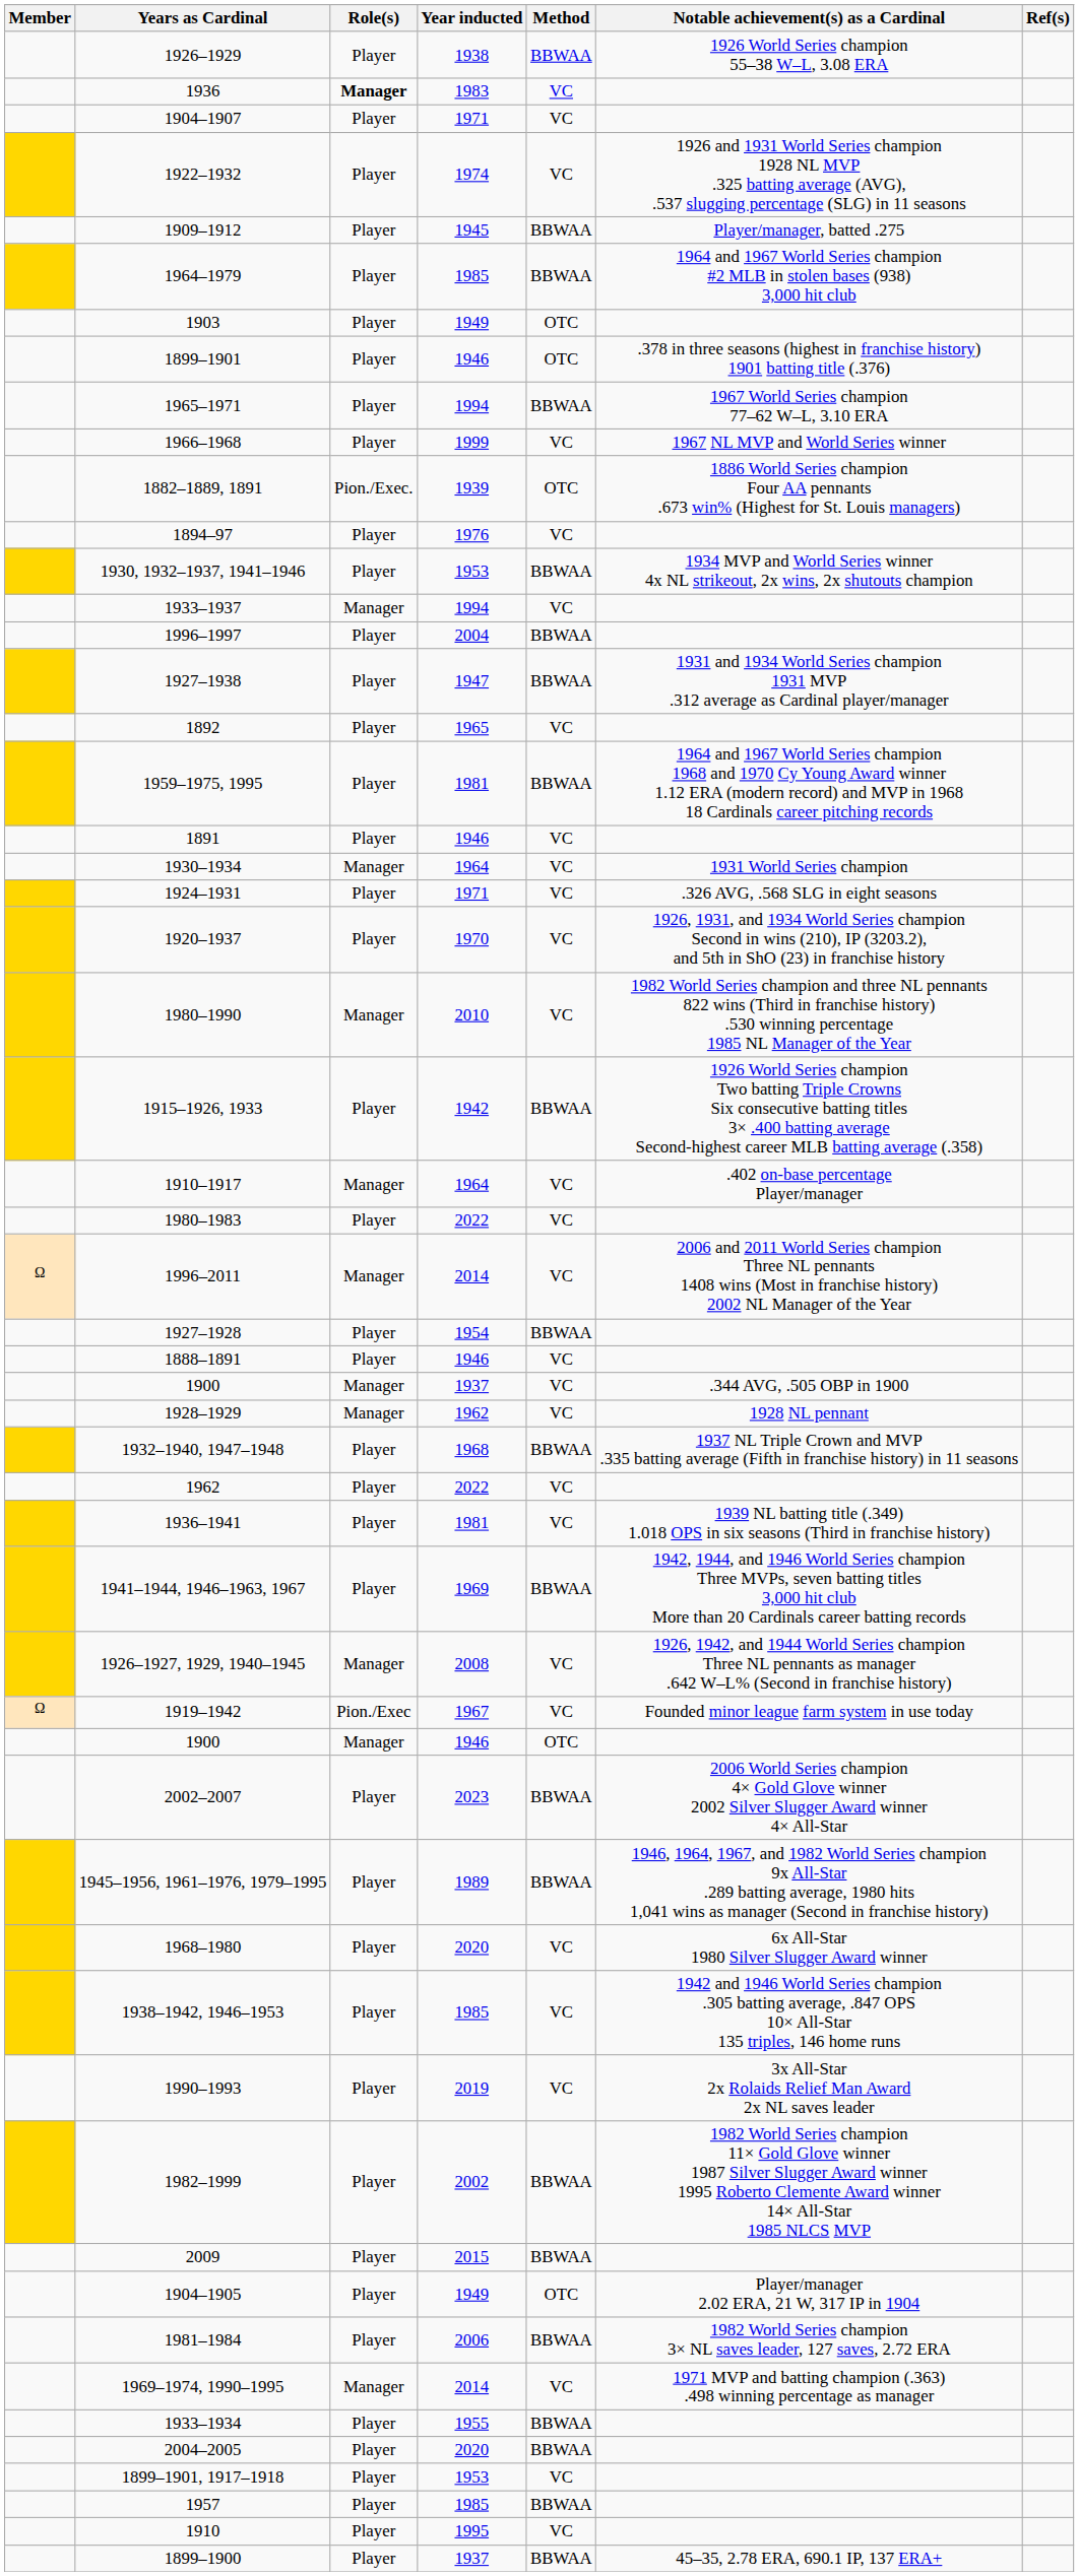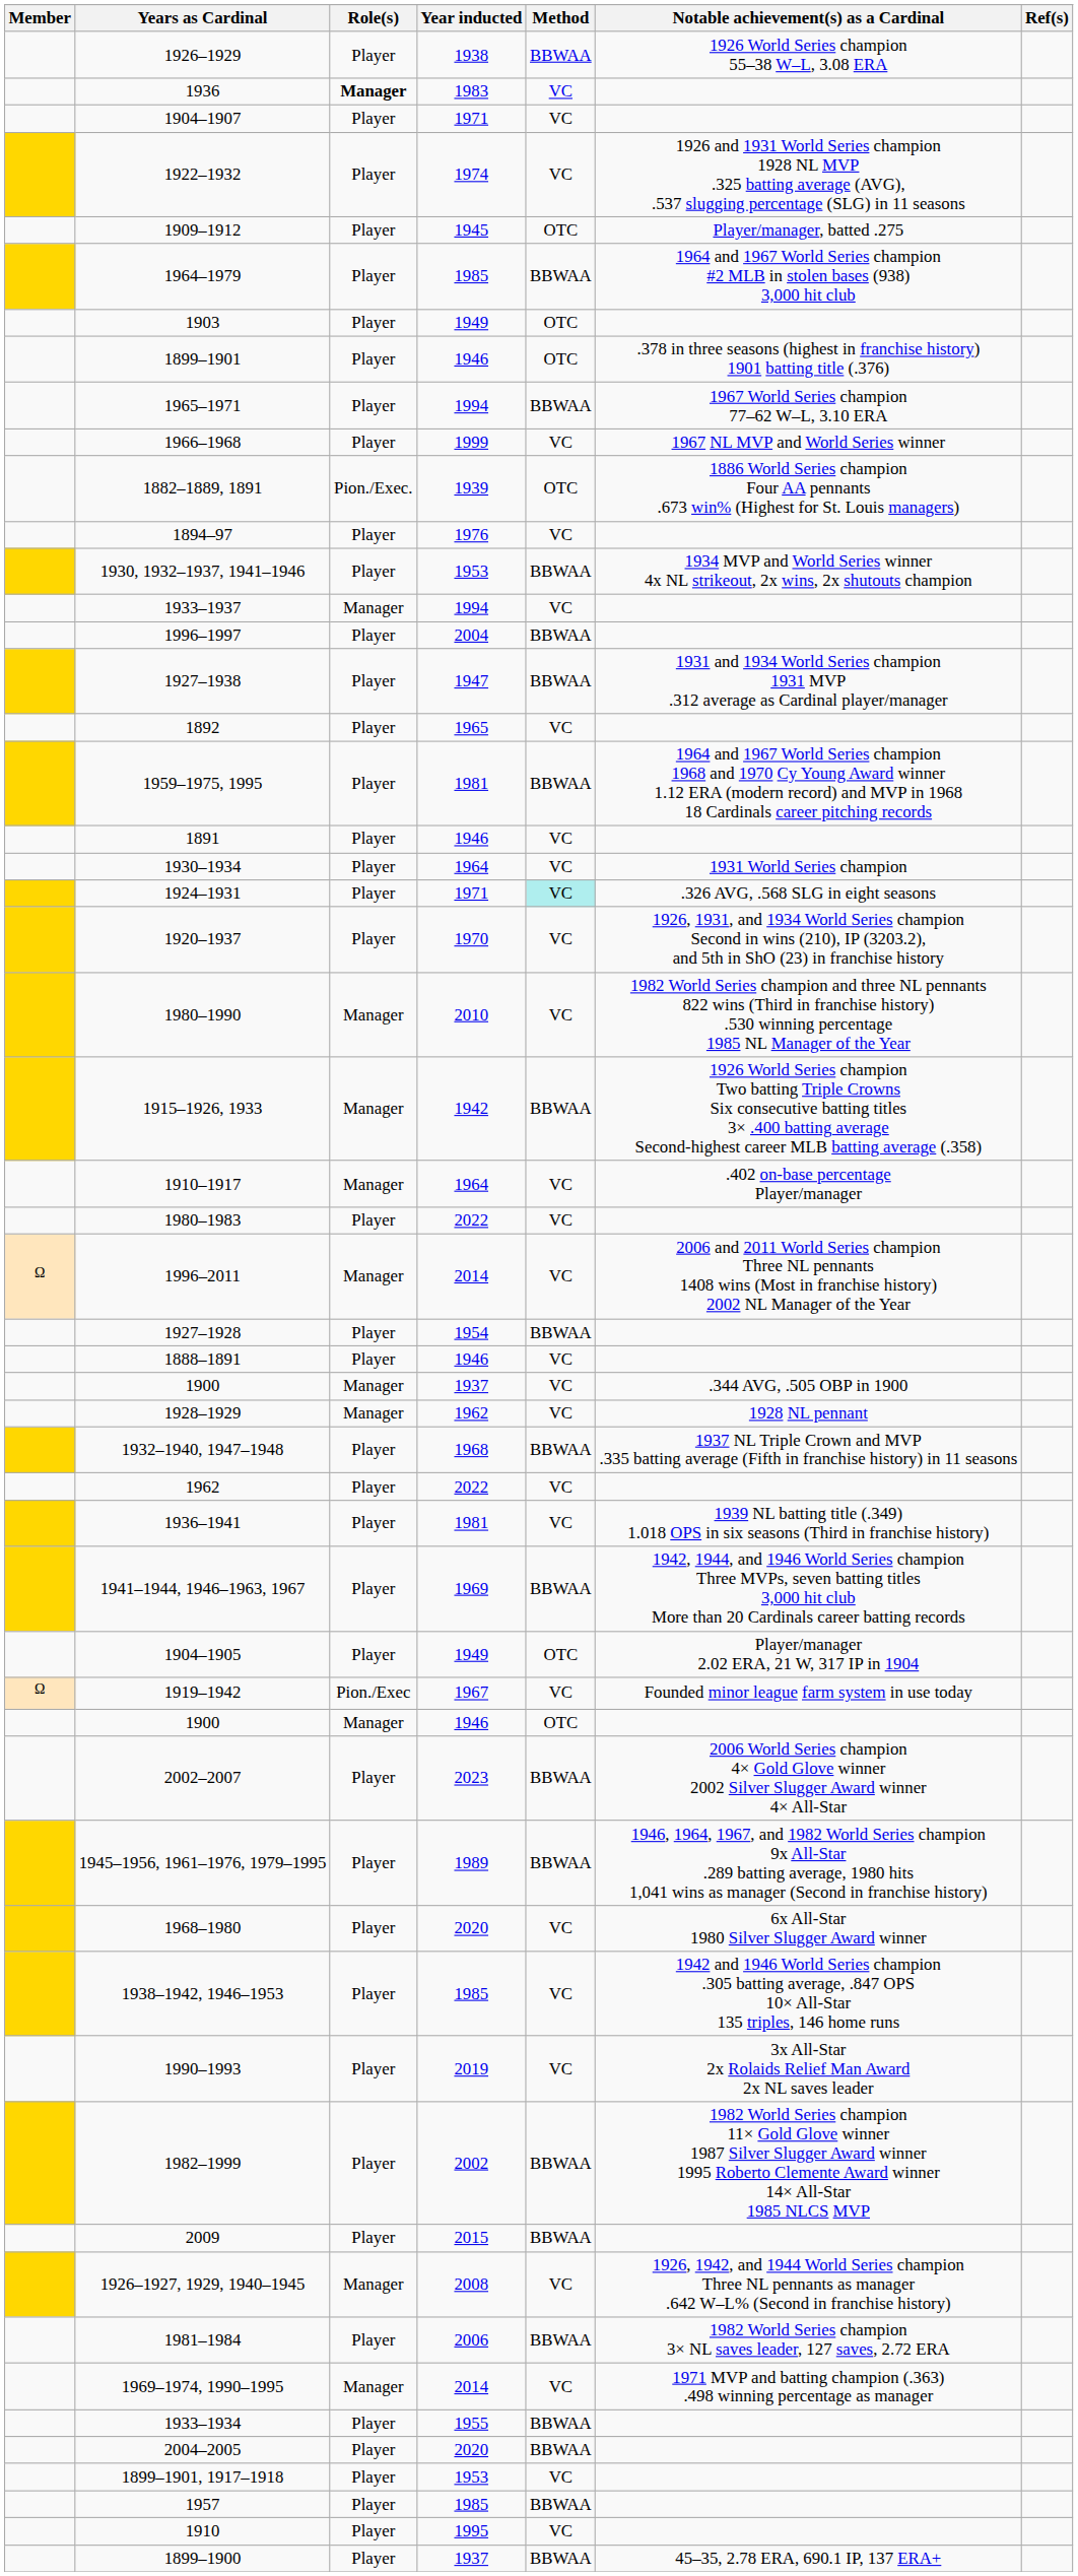 <table class="wikitable sortable" style="text-align:center">
 <tr>
 </tr>
 <tr>
 </tr>
 <tr>
 <th scope="col">Member</th>
 <th scope="col">Years as Cardinal</th>
 <th scope="col">Role(s)</th>
 <th scope="col">Year inducted</th>
 <th scope="col">Method</th>
 <th scope="col">Notable achievement(s) as a Cardinal</th>
 <th scope="col">Ref(s)</th>
 </tr>
 <tr>
 <td align="center"></td>
 <td>1926–1929</td>
 <td>Player</td>
 <td><a href='#'>1938</a></td>
 <td><a href='#'>BBWAA</a></td>
 <td><a href='#'>1926 World Series</a> champion<br> 55–38 <a href='#'>W–L</a>, 3.08 <a href='#'>ERA</a></td>
 <td></td>
 </tr>
 <tr>
 <td align="center"></td>
 <td>1936</td>
 <td><strong>Manager</strong></td>
 <td><a href='#'>1983</a></td>
 <td><a href='#'>VC</a></td>
 <td></td>
 <td></td>
 </tr>
 <tr>
 <td align="center"></td>
 <td>1904–1907</td>
 <td>Player</td>
 <td><a href='#'>1971</a></td>
 <td>VC</td>
 <td></td>
 <td></td>
 </tr>
 <tr>
 <td align="center" style="background:#FFD700;"></td>
 <td>1922–1932</td>
 <td>Player</td>
 <td><a href='#'>1974</a></td>
 <td>VC</td>
 <td>1926 and <a href='#'>1931 World Series</a> champion<br> 1928 NL <a href='#'>MVP</a><br> .325 <a href='#'>batting average</a> (AVG),<br> .537 <a href='#'>slugging percentage</a> (SLG) in 11 seasons</td>
 <td></td>
 </tr>
 <tr>
 <td align="center"></td>
 <td>1909–1912</td>
 <td>Player</td>
 <td><a href='#'>1945</a></td>
-<td>BBWAA</td>
+<td>OTC</td>
 <td><a href='#'>Player/manager</a>, batted .275</td>
 <td></td>
 </tr>
 <tr>
 <td align="center" style="background:#FFD700;"><strong></strong></td>
 <td>1964–1979</td>
 <td>Player</td>
 <td><a href='#'>1985</a></td>
 <td>BBWAA</td>
 <td><a href='#'>1964</a> and <a href='#'>1967 World Series</a> champion<br> <a href='#'>#2 MLB</a> in <a href='#'>stolen bases</a> (938)<br> <a href='#'>3,000 hit club</a></td>
 <td></td>
 </tr>
 <tr>
 <td align="center"></td>
 <td>1903</td>
 <td>Player</td>
 <td><a href='#'>1949</a></td>
 <td>OTC</td>
 <td></td>
 <td></td>
 </tr>
 <tr>
 <td align="center"></td>
 <td>1899–1901</td>
 <td>Player</td>
 <td><a href='#'>1946</a></td>
 <td>OTC</td>
 <td>.378 in three seasons (highest in <a href='#'>franchise history</a>)<br> <a href='#'>1901</a> <a href='#'>batting title</a> (.376)</td>
 <td></td>
 </tr>
 <tr>
 <td align="center"></td>
 <td>1965–1971</td>
 <td>Player</td>
 <td><a href='#'>1994</a></td>
 <td>BBWAA</td>
 <td><a href='#'>1967 World Series</a> champion<br> 77–62 W–L, 3.10 ERA</td>
 <td></td>
 </tr>
 <tr>
 <td align="center"></td>
 <td>1966–1968</td>
 <td>Player</td>
 <td><a href='#'>1999</a></td>
 <td>VC</td>
 <td><a href='#'>1967</a> <a href='#'>NL MVP</a> and <a href='#'>World Series</a> winner</td>
 <td></td>
 </tr>
 <tr>
 <td align="center"></td>
 <td>1882–1889, 1891</td>
 <td>Pion./Exec.</td>
 <td><a href='#'>1939</a></td>
 <td>OTC</td>
 <td><a href='#'>1886 World Series</a> champion<br> Four <a href='#'>AA</a> pennants<br> .673 <a href='#'>win%</a> (Highest for St. Louis <a href='#'>managers</a>)</td>
 <td></td>
 </tr>
 <tr>
 <td align="center"></td>
 <td>1894–97</td>
 <td>Player</td>
 <td><a href='#'>1976</a></td>
 <td>VC</td>
 <td></td>
 <td></td>
 </tr>
 <tr>
 <td align="center" style="background:#FFD700;"><strong></strong></td>
 <td>1930, 1932–1937, 1941–1946</td>
 <td>Player</td>
 <td><a href='#'>1953</a></td>
 <td>BBWAA</td>
 <td><a href='#'>1934</a> MVP and <a href='#'>World Series</a> winner<br> 4x NL <a href='#'>strikeout</a>, 2x <a href='#'>wins</a>, 2x <a href='#'>shutouts</a> champion</td>
 <td></td>
 </tr>
 <tr>
 <td align="center"></td>
 <td>1933–1937</td>
 <td>Manager</td>
 <td><a href='#'>1994</a></td>
 <td>VC</td>
 <td></td>
 <td></td>
 </tr>
 <tr>
 <td align="center"></td>
 <td>1996–1997</td>
 <td>Player</td>
 <td><a href='#'>2004</a></td>
 <td>BBWAA</td>
 <td></td>
 <td></td>
 </tr>
 <tr>
 <td align="center" style="background:#FFD700;"></td>
 <td>1927–1938</td>
 <td>Player</td>
 <td><a href='#'>1947</a></td>
 <td>BBWAA</td>
 <td><a href='#'>1931</a> and <a href='#'>1934 World Series</a> champion<br> <a href='#'>1931</a> MVP<br> .312 average as Cardinal player/manager</td>
 <td></td>
 </tr>
 <tr>
 <td align="center"></td>
 <td>1892</td>
 <td>Player</td>
 <td><a href='#'>1965</a></td>
 <td>VC</td>
 <td></td>
 <td></td>
 </tr>
 <tr>
 <td align="center" style="background:#FFD700;"><strong></strong></td>
 <td>1959–1975, 1995</td>
 <td>Player</td>
 <td><a href='#'>1981</a></td>
 <td>BBWAA</td>
 <td><a href='#'>1964</a> and <a href='#'>1967 World Series</a> champion<br> <a href='#'>1968</a> and <a href='#'>1970</a> <a href='#'>Cy Young Award</a> winner<br> 1.12 ERA (modern record) and MVP in 1968<br> 18 Cardinals <a href='#'>career pitching records</a></td>
 <td></td>
 </tr>
 <tr>
 <td align="center"></td>
 <td>1891</td>
 <td>Player</td>
 <td><a href='#'>1946</a></td>
 <td>VC</td>
 <td></td>
 <td></td>
 </tr>
 <tr>
 <td align="center"></td>
 <td>1930–1934</td>
-<td>Manager</td>
+<td>Player</td>
 <td><a href='#'>1964</a></td>
 <td>VC</td>
 <td><a href='#'>1931 World Series</a> champion</td>
 <td></td>
 </tr>
 <tr>
 <td align="center" style="background:#FFD700;"></td>
 <td>1924–1931</td>
 <td>Player</td>
 <td><a href='#'>1971</a></td>
-<td>VC</td>
+<td style="background: paleturquoise;">VC</td>
 <td>.326 AVG, .568 SLG in eight seasons</td>
 <td></td>
 </tr>
 <tr>
 <td align="center" style="background:#FFD700;"></td>
 <td>1920–1937</td>
 <td>Player</td>
 <td><a href='#'>1970</a></td>
 <td>VC</td>
 <td><a href='#'>1926</a>, <a href='#'>1931</a>, and <a href='#'>1934 World Series</a> champion<br> Second in wins (210), IP (3203.2),<br> and 5th in ShO (23) in franchise history</td>
 <td></td>
 </tr>
 <tr>
 <td align="center" style="background:#FFD700;"><strong></strong></td>
 <td>1980–1990</td>
 <td>Manager</td>
 <td><a href='#'>2010</a></td>
 <td>VC</td>
 <td><a href='#'>1982 World Series</a> champion and three NL pennants<br> 822 wins (Third in franchise history)<br> .530 winning percentage<br> <a href='#'>1985</a> NL <a href='#'>Manager of the Year</a></td>
 <td></td>
 </tr>
 <tr>
 <td align="center" style="background:#FFD700;"></td>
 <td>1915–1926, 1933</td>
-<td>Player</td>
+<td>Manager</td>
 <td><a href='#'>1942</a></td>
 <td>BBWAA</td>
 <td><a href='#'>1926 World Series</a> champion<br> Two batting <a href='#'>Triple Crowns</a><br> Six consecutive batting titles<br> 3× <a href='#'>.400 batting average</a><br> Second-highest career MLB <a href='#'>batting average</a> (.358)</td>
 <td></td>
 </tr>
 <tr>
 <td align="center"></td>
 <td>1910–1917</td>
 <td>Manager</td>
 <td><a href='#'>1964</a></td>
 <td>VC</td>
 <td>.402 <a href='#'>on-base percentage</a><br> Player/manager</td>
 <td></td>
 </tr>
 <tr>
 <td align="center"></td>
 <td>1980–1983</td>
 <td>Player</td>
 <td><a href='#'>2022</a></td>
 <td>VC</td>
 <td></td>
 <td></td>
 </tr>
 <tr>
 <td align="center" style="background-color:#ffe6bd"><sup>Ω</sup></td>
 <td>1996–2011</td>
 <td>Manager</td>
 <td><a href='#'>2014</a></td>
 <td>VC</td>
 <td><a href='#'>2006</a> and <a href='#'>2011 World Series</a> champion<br> Three NL pennants<br> 1408 wins (Most in franchise history)<br> <a href='#'>2002</a> NL Manager of the Year</td>
 <td></td>
 </tr>
 <tr>
 <td align="center"></td>
 <td>1927–1928</td>
 <td>Player</td>
 <td><a href='#'>1954</a></td>
 <td>BBWAA</td>
 <td></td>
 <td></td>
 </tr>
 <tr>
 <td align="center"></td>
 <td>1888–1891</td>
 <td>Player</td>
 <td><a href='#'>1946</a></td>
 <td>VC</td>
 <td></td>
 <td></td>
 </tr>
 <tr>
 <td align="center"></td>
 <td>1900</td>
 <td>Manager</td>
 <td><a href='#'>1937</a></td>
 <td>VC</td>
 <td>.344 AVG, .505 OBP in 1900</td>
 <td></td>
 </tr>
 <tr>
 <td align="center"></td>
 <td>1928–1929</td>
 <td>Manager</td>
 <td><a href='#'>1962</a></td>
 <td>VC</td>
 <td><a href='#'>1928</a> <a href='#'>NL pennant</a></td>
 <td></td>
 </tr>
 <tr>
 <td align="center" style="background:#FFD700;"></td>
 <td>1932–1940, 1947–1948</td>
 <td>Player</td>
 <td><a href='#'>1968</a></td>
 <td>BBWAA</td>
 <td><a href='#'>1937</a> NL Triple Crown and MVP<br> .335 batting average (Fifth in franchise history) in 11 seasons</td>
 <td></td>
 </tr>
 <tr>
 <td align="center"></td>
 <td>1962</td>
 <td>Player</td>
 <td><a href='#'>2022</a></td>
 <td>VC</td>
 <td></td>
 <td></td>
 </tr>
 <tr>
 <td align="center" style="background:#FFD700;"></td>
 <td>1936–1941</td>
 <td>Player</td>
 <td><a href='#'>1981</a></td>
 <td>VC</td>
 <td><a href='#'>1939</a> NL batting title (.349)<br> 1.018 <a href='#'>OPS</a> in six seasons (Third in franchise history)</td>
 <td></td>
 </tr>
 <tr>
 <td align="center" style="background:#FFD700;"><strong></strong></td>
 <td>1941–1944, 1946–1963, 1967</td>
 <td>Player</td>
 <td><a href='#'>1969</a></td>
 <td>BBWAA</td>
 <td><a href='#'>1942</a>, <a href='#'>1944</a>, and <a href='#'>1946 World Series</a> champion<br> Three MVPs, seven batting titles<br> <a href='#'>3,000 hit club</a><br> More than 20 Cardinals career batting records</td>
 <td></td>
 </tr>
 <tr>
-<td align="center" style="background:#FFD700;"><strong></strong></td>
-<td>1926–1927, 1929, 1940–1945</td>
-<td>Manager</td>
-<td><a href='#'>2008</a></td>
-<td>VC</td>
-<td><a href='#'>1926</a>, <a href='#'>1942</a>, and <a href='#'>1944 World Series</a> champion<br> Three NL pennants as manager<br> .642 W–L% (Second in franchise history)</td>
+<td align="center"></td>
+<td>1904–1905</td>
+<td>Player</td>
+<td><a href='#'>1949</a></td>
+<td>OTC</td>
+<td>Player/manager<br> 2.02 ERA, 21 W, 317 IP in <a href='#'>1904</a></td>
 <td></td>
 </tr>
 <tr>
 <td align="center" style="background-color:#ffe6bd"><sup>Ω</sup></td>
 <td>1919–1942</td>
 <td>Pion./Exec</td>
 <td><a href='#'>1967</a></td>
 <td>VC</td>
 <td>Founded <a href='#'>minor league</a> <a href='#'>farm system</a> in use today</td>
 <td></td>
 </tr>
 <tr>
 <td align="center"></td>
 <td>1900</td>
 <td>Manager</td>
 <td><a href='#'>1946</a></td>
 <td>OTC</td>
 <td></td>
 <td></td>
 </tr>
 <tr>
 <td align="center"><strong></strong></td>
 <td>2002–2007</td>
 <td>Player</td>
 <td><a href='#'>2023</a></td>
 <td>BBWAA</td>
 <td><a href='#'>2006 World Series</a> champion<br> 4× <a href='#'>Gold Glove</a> winner<br>2002 <a href='#'>Silver Slugger Award</a> winner<br>4× All-Star</td>
 <td></td>
 </tr>
 <tr>
 <td align="center" style="background:#FFD700;"><strong></strong></td>
 <td>1945–1956, 1961–1976, 1979–1995</td>
 <td>Player</td>
 <td><a href='#'>1989</a></td>
 <td>BBWAA</td>
 <td><a href='#'>1946</a>, <a href='#'>1964</a>, <a href='#'>1967</a>, and <a href='#'>1982 World Series</a> champion<br> 9x <a href='#'>All-Star</a><br> .289 batting average, 1980 hits<br> 1,041 wins as manager (Second in franchise history)</td>
 <td></td>
 </tr>
 <tr>
 <td align="center" style="background:#FFD700;"><strong></strong></td>
 <td>1968–1980</td>
 <td>Player</td>
 <td><a href='#'>2020</a></td>
 <td>VC</td>
 <td>6x All-Star<br>1980 <a href='#'>Silver Slugger Award</a> winner</td>
 <td></td>
 </tr>
 <tr>
 <td align="center" style="background:#FFD700;"><strong></strong></td>
 <td>1938–1942, 1946–1953</td>
 <td>Player</td>
 <td><a href='#'>1985</a></td>
 <td>VC</td>
 <td><a href='#'>1942</a> and <a href='#'>1946 World Series</a> champion<br> .305 batting average, .847 OPS<br> 10× All-Star<br> 135 <a href='#'>triples</a>, 146 home runs</td>
 <td></td>
 </tr>
 <tr>
 <td align="center"></td>
 <td>1990–1993</td>
 <td>Player</td>
 <td><a href='#'>2019</a></td>
 <td>VC</td>
 <td>3x All-Star<br>2x <a href='#'>Rolaids Relief Man Award</a><br>2x NL saves leader</td>
 <td></td>
 </tr>
 <tr>
 <td align="center" style="background:#FFD700;"><strong></strong></td>
 <td>1982–1999</td>
 <td>Player</td>
 <td><a href='#'>2002</a></td>
 <td>BBWAA</td>
 <td><a href='#'>1982 World Series</a> champion<br> 11× <a href='#'>Gold Glove</a> winner<br>1987 <a href='#'>Silver Slugger Award</a> winner<br>1995 <a href='#'>Roberto Clemente Award</a> winner<br>14× All-Star<br> <a href='#'>1985 NLCS</a> <a href='#'>MVP</a></td>
 <td></td>
 </tr>
 <tr>
 <td align="center"></td>
 <td>2009</td>
 <td>Player</td>
 <td><a href='#'>2015</a></td>
 <td>BBWAA</td>
 <td></td>
 <td></td>
 </tr>
 <tr>
-<td align="center"></td>
-<td>1904–1905</td>
-<td>Player</td>
-<td><a href='#'>1949</a></td>
-<td>OTC</td>
-<td>Player/manager<br> 2.02 ERA, 21 W, 317 IP in <a href='#'>1904</a></td>
+<td align="center" style="background:#FFD700;"><strong></strong></td>
+<td>1926–1927, 1929, 1940–1945</td>
+<td>Manager</td>
+<td><a href='#'>2008</a></td>
+<td>VC</td>
+<td><a href='#'>1926</a>, <a href='#'>1942</a>, and <a href='#'>1944 World Series</a> champion<br> Three NL pennants as manager<br> .642 W–L% (Second in franchise history)</td>
 <td></td>
 </tr>
 <tr>
 <td align="center"><strong></strong></td>
 <td>1981–1984</td>
 <td>Player</td>
 <td><a href='#'>2006</a></td>
 <td>BBWAA</td>
 <td><a href='#'>1982 World Series</a> champion<br> 3× NL <a href='#'>saves leader</a>, 127 <a href='#'>saves</a>, 2.72 ERA</td>
 <td></td>
 </tr>
 <tr>
 <td align="center"></td>
 <td>1969–1974, 1990–1995</td>
 <td>Manager</td>
 <td><a href='#'>2014</a></td>
 <td>VC</td>
 <td><a href='#'>1971</a> MVP and batting champion (.363)<br> .498 winning percentage as manager</td>
 <td></td>
 </tr>
 <tr>
 <td align="center"></td>
 <td>1933–1934</td>
 <td>Player</td>
 <td><a href='#'>1955</a></td>
 <td>BBWAA</td>
 <td></td>
 <td></td>
 </tr>
 <tr>
 <td align="center"></td>
 <td>2004–2005</td>
 <td>Player</td>
 <td><a href='#'>2020</a></td>
 <td>BBWAA</td>
 <td></td>
 <td></td>
 </tr>
 <tr>
 <td align="center"></td>
 <td>1899–1901, 1917–1918</td>
 <td>Player</td>
 <td><a href='#'>1953</a></td>
 <td>VC</td>
 <td></td>
 <td></td>
 </tr>
 <tr>
 <td align="center"></td>
 <td>1957</td>
 <td>Player</td>
 <td><a href='#'>1985</a></td>
 <td>BBWAA</td>
 <td></td>
 <td></td>
 </tr>
 <tr>
 <td align="center"></td>
 <td>1910</td>
 <td>Player</td>
 <td><a href='#'>1995</a></td>
 <td>VC</td>
 <td></td>
 <td></td>
 </tr>
 <tr>
 <td align="center"></td>
 <td>1899–1900</td>
 <td>Player</td>
 <td><a href='#'>1937</a></td>
 <td>BBWAA</td>
 <td>45–35, 2.78 ERA, 690.1 IP, 137 <a href='#'>ERA+</a></td>
 <td></td>
 </tr>
 </table>
